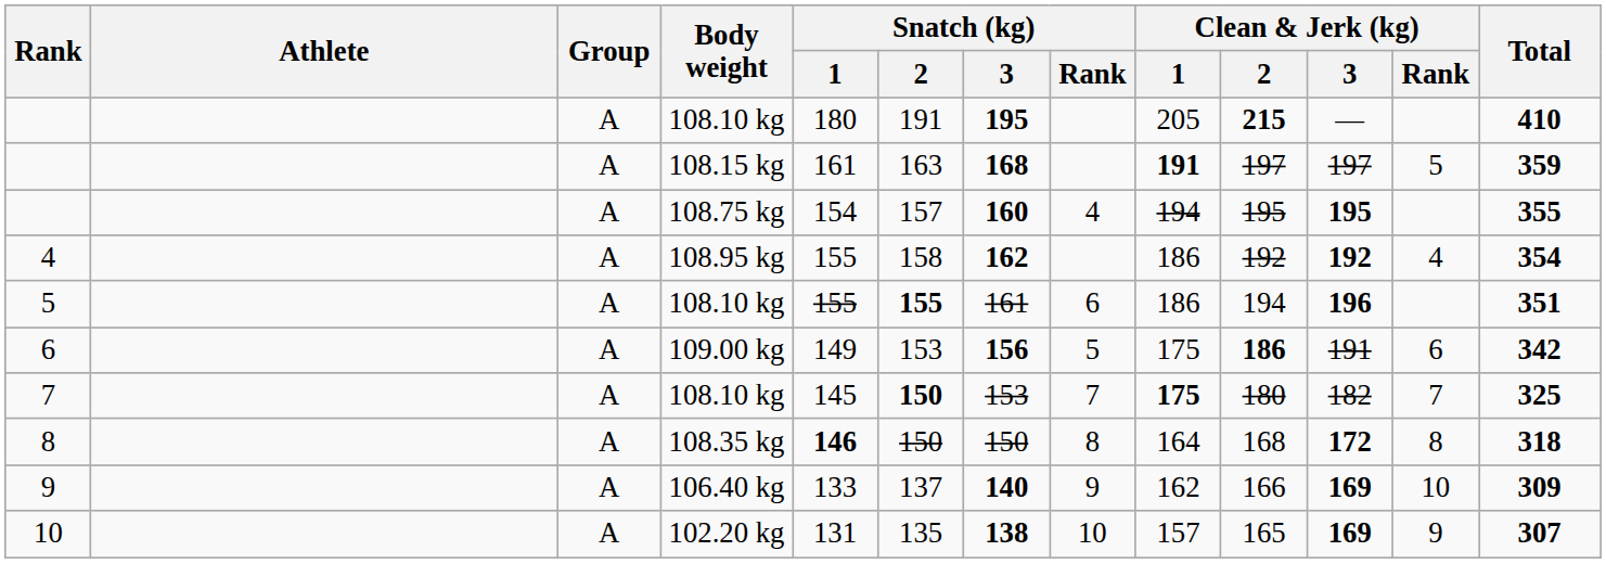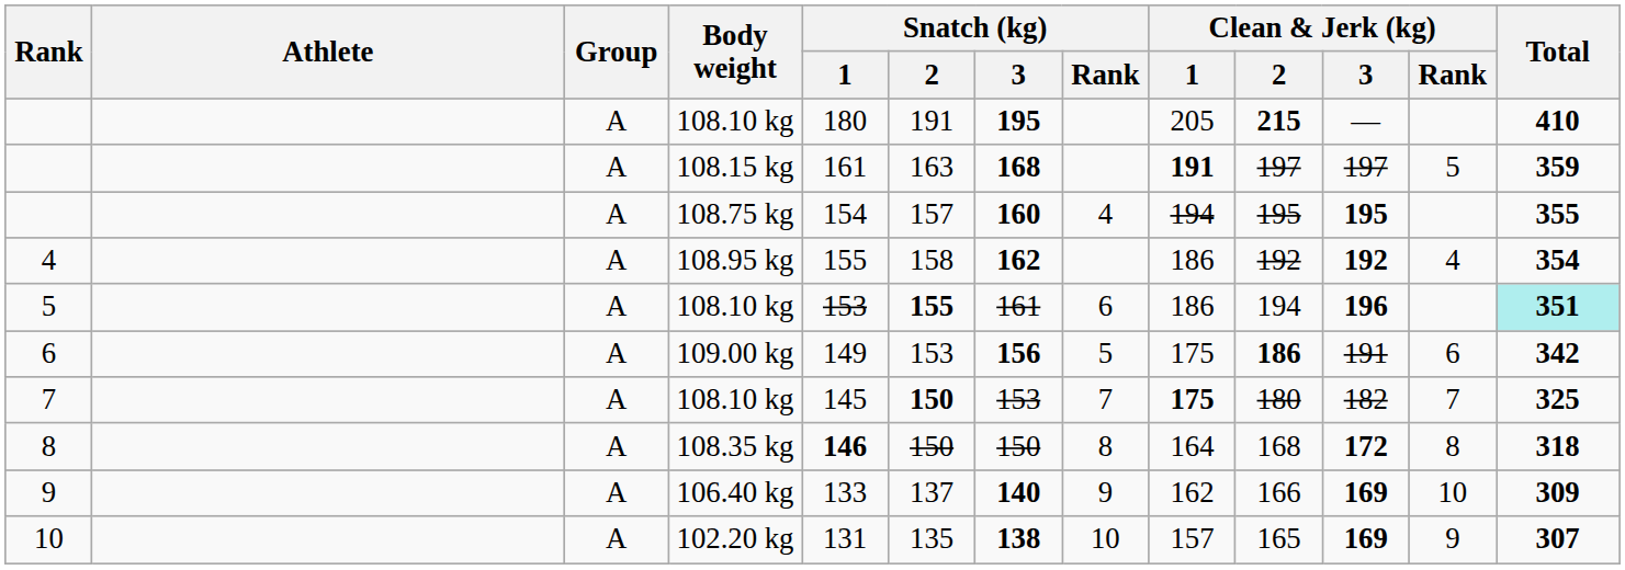 <table class = "wikitable" style="text-align:center;">
 <tr>
 <th rowspan=2 width=40>Rank</th>
 <th rowspan=2 width=250>Athlete</th>
 <th rowspan=2 width=50>Group</th>
 <th rowspan=2 width=65>Body weight</th>
 <th colspan=4>Snatch (kg)</th>
 <th colspan=4>Clean & Jerk (kg)</th>
 <th rowspan=2 width=60>Total</th>
 </tr>
 <tr>
 <th width=40>1</th>
 <th width=40>2</th>
 <th width=40>3</th>
 <th width=40>Rank</th>
 <th width=40>1</th>
 <th width=40>2</th>
 <th width=40>3</th>
 <th width=40>Rank</th>
 </tr>
 <tr>
 <td></td>
 <td align=left></td>
 <td>A</td>
 <td>108.10 kg</td>
 <td>180</td>
 <td>191</td>
 <td><strong>195</strong></td>
 <td></td>
 <td>205</td>
 <td><strong>215</strong></td>
 <td>—</td>
 <td></td>
 <td><strong>410</strong></td>
 </tr>
 <tr>
 <td></td>
 <td align=left></td>
 <td>A</td>
 <td>108.15 kg</td>
 <td>161</td>
 <td>163</td>
 <td><strong>168</strong></td>
 <td></td>
 <td><strong>191</strong></td>
 <td><s>197</s></td>
 <td><s>197</s></td>
 <td>5</td>
 <td><strong>359</strong></td>
 </tr>
 <tr>
 <td></td>
 <td align=left></td>
 <td>A</td>
 <td>108.75 kg</td>
 <td>154</td>
 <td>157</td>
 <td><strong>160</strong></td>
 <td>4</td>
 <td><s>194</s></td>
 <td><s>195</s></td>
 <td><strong>195</strong></td>
 <td></td>
 <td><strong>355</strong></td>
 </tr>
 <tr>
 <td>4</td>
 <td align=left></td>
 <td>A</td>
 <td>108.95 kg</td>
 <td>155</td>
 <td>158</td>
 <td><strong>162</strong></td>
 <td></td>
 <td>186</td>
 <td><s>192</s></td>
 <td><strong>192</strong></td>
 <td>4</td>
 <td><strong>354</strong></td>
 </tr>
 <tr>
 <td>5</td>
 <td align=left></td>
 <td>A</td>
 <td>108.10 kg</td>
-<td><s>155</s></td>
+<td><s>153</s></td>
 <td><strong>155</strong></td>
 <td><s>161</s></td>
 <td>6</td>
 <td>186</td>
 <td>194</td>
 <td><strong>196</strong></td>
 <td></td>
-<td><strong>351</strong></td>
+<td style="background: paleturquoise;"><strong>351</strong></td>
 </tr>
 <tr>
 <td>6</td>
 <td align=left></td>
 <td>A</td>
 <td>109.00 kg</td>
 <td>149</td>
 <td>153</td>
 <td><strong>156</strong></td>
 <td>5</td>
 <td>175</td>
 <td><strong>186</strong></td>
 <td><s>191</s></td>
 <td>6</td>
 <td><strong>342</strong></td>
 </tr>
 <tr>
 <td>7</td>
 <td align=left></td>
 <td>A</td>
 <td>108.10 kg</td>
 <td>145</td>
 <td><strong>150</strong></td>
 <td><s>153</s></td>
 <td>7</td>
 <td><strong>175</strong></td>
 <td><s>180</s></td>
 <td><s>182</s></td>
 <td>7</td>
 <td><strong>325</strong></td>
 </tr>
 <tr>
 <td>8</td>
 <td align=left></td>
 <td>A</td>
 <td>108.35 kg</td>
 <td><strong>146</strong></td>
 <td><s>150</s></td>
 <td><s>150</s></td>
 <td>8</td>
 <td>164</td>
 <td>168</td>
 <td><strong>172</strong></td>
 <td>8</td>
 <td><strong>318</strong></td>
 </tr>
 <tr>
 <td>9</td>
 <td align=left></td>
 <td>A</td>
 <td>106.40 kg</td>
 <td>133</td>
 <td>137</td>
 <td><strong>140</strong></td>
 <td>9</td>
 <td>162</td>
 <td>166</td>
 <td><strong>169</strong></td>
 <td>10</td>
 <td><strong>309</strong></td>
 </tr>
 <tr>
 <td>10</td>
 <td align=left></td>
 <td>A</td>
 <td>102.20 kg</td>
 <td>131</td>
 <td>135</td>
 <td><strong>138</strong></td>
 <td>10</td>
 <td>157</td>
 <td>165</td>
 <td><strong>169</strong></td>
 <td>9</td>
 <td><strong>307</strong></td>
 </tr>
 </table>
